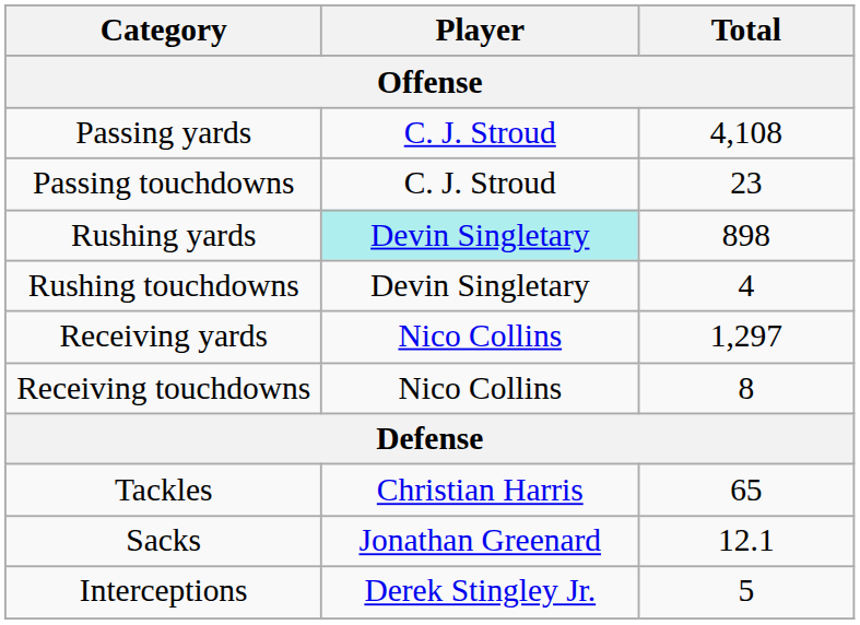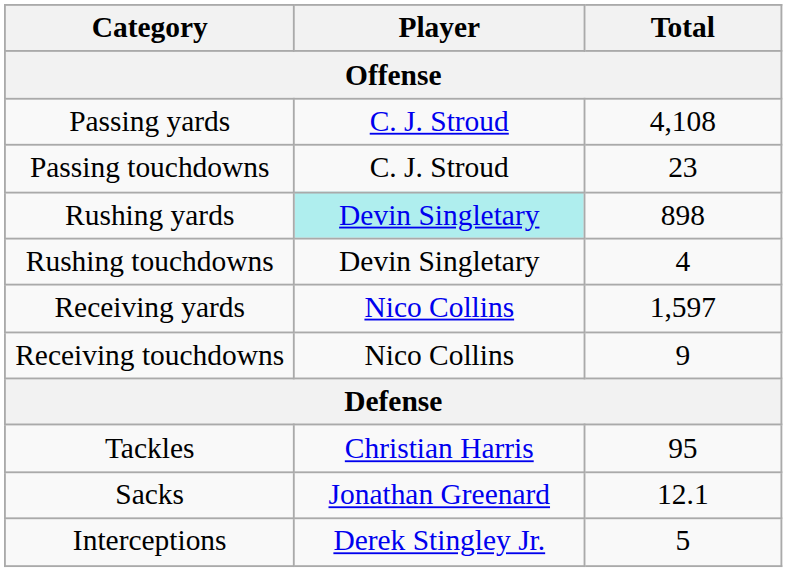 <table class="wikitable" style="text-align:center">
 <tr>
 <th width="150">Category</th>
 <th width="150">Player</th>
 <th width="100">Total</th>
 </tr>
 <tr>
 <th align="center" colspan="4">Offense</th>
 </tr>
 <tr>
 <td>Passing yards</td>
 <td><a href='#'>C. J. Stroud</a></td>
 <td>4,108</td>
 </tr>
 <tr>
 <td>Passing touchdowns</td>
 <td>C. J. Stroud</td>
 <td>23</td>
 </tr>
 <tr>
 <td>Rushing yards</td>
 <td style="background: paleturquoise;"><a href='#'>Devin Singletary</a></td>
 <td>898</td>
 </tr>
 <tr>
 <td>Rushing touchdowns</td>
 <td>Devin Singletary</td>
 <td>4</td>
 </tr>
 <tr>
 <td>Receiving yards</td>
 <td><a href='#'>Nico Collins</a></td>
-<td>1,297</td>
+<td>1,597</td>
 </tr>
 <tr>
 <td>Receiving touchdowns</td>
 <td>Nico Collins</td>
-<td>8</td>
+<td>9</td>
 </tr>
 <tr>
 <th align="center" colspan="4">Defense</th>
 </tr>
 <tr>
 <td>Tackles </td>
 <td><a href='#'>Christian Harris</a></td>
-<td>65</td>
+<td>95</td>
 </tr>
 <tr>
 <td>Sacks</td>
 <td><a href='#'>Jonathan Greenard</a></td>
 <td>12.1</td>
 </tr>
 <tr>
 <td>Interceptions</td>
 <td><a href='#'>Derek Stingley Jr.</a></td>
 <td>5</td>
 </tr>
 </table>
